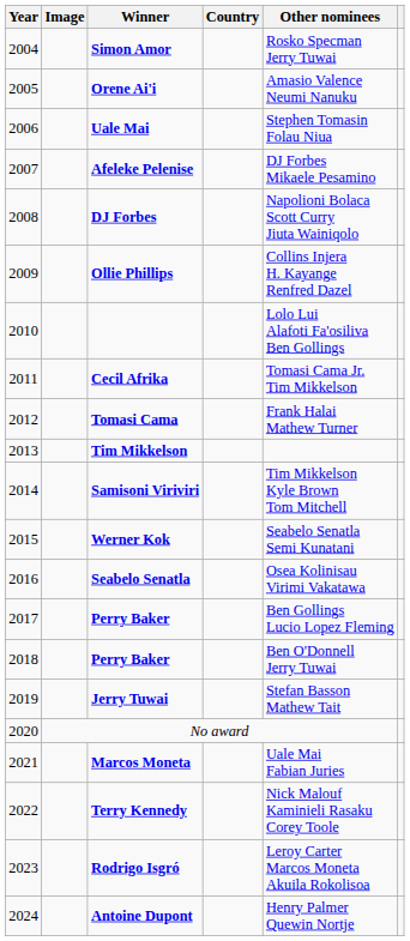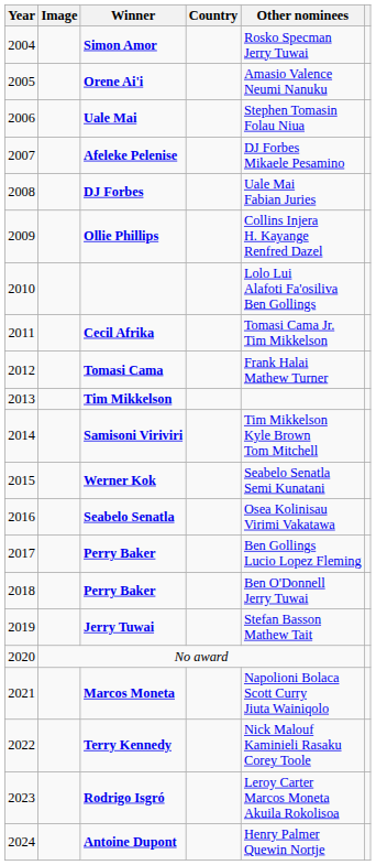 <table class="sortable wikitable plainrowheaders" style="text-align:center">
 <tr>
 <th scope=col>Year</th>
 <th>Image</th>
 <th scope="col">Winner</th>
 <th scope=col>Country</th>
 <th scope=col>Other nominees</th>
 <th scope=col></th>
 </tr>
 <tr>
 <td>2004</td>
 <td></td>
 <td align="left"><strong><a href='#'>Simon Amor</a></strong></td>
 <td align="left"></td>
 <td align="left"> <a href='#'>Rosko Specman</a><br> <a href='#'>Jerry Tuwai</a></td>
 <td></td>
 </tr>
 <tr>
 <td>2005</td>
 <td></td>
 <td align="left"><strong><a href='#'>Orene Ai'i</a></strong></td>
 <td align="left"></td>
 <td align="left"> <a href='#'>Amasio Valence</a><br> <a href='#'>Neumi Nanuku</a></td>
 <td></td>
 </tr>
 <tr>
 <td>2006</td>
 <td></td>
 <td align="left"><strong><a href='#'>Uale Mai</a></strong></td>
 <td align="left"></td>
 <td align="left"> <a href='#'>Stephen Tomasin</a><br> <a href='#'>Folau Niua</a></td>
 <td></td>
 </tr>
 <tr>
 <td>2007</td>
 <td></td>
 <td align="left"><strong><a href='#'>Afeleke Pelenise</a></strong></td>
 <td align="left"></td>
 <td align="left"> <a href='#'>DJ Forbes</a><br> <a href='#'>Mikaele Pesamino</a></td>
 <td></td>
 </tr>
 <tr>
 <td>2008</td>
 <td></td>
 <td align="left"><strong><a href='#'>DJ Forbes</a></strong></td>
 <td align="left"></td>
-<td align="left"> <a href='#'>Napolioni Bolaca</a><br> <a href='#'>Scott Curry</a><br> <a href='#'>Jiuta Wainiqolo</a></td>
+<td align="left"> <a href='#'>Uale Mai</a><br> <a href='#'>Fabian Juries</a></td>
 <td></td>
 </tr>
 <tr>
 <td>2009</td>
 <td></td>
 <td align="left"><strong><a href='#'>Ollie Phillips</a></strong></td>
 <td align="left"></td>
 <td align="left"> <a href='#'>Collins Injera</a><br> <a href='#'>H. Kayange</a><br> <a href='#'>Renfred Dazel</a></td>
 <td></td>
 </tr>
 <tr>
 <td>2010</td>
 <td></td>
 <td align="left"><strong></strong></td>
 <td align="left"></td>
 <td align="left"> <a href='#'>Lolo Lui</a><br> <a href='#'>Alafoti Fa'osiliva</a><br> <a href='#'>Ben Gollings</a></td>
 <td></td>
 </tr>
 <tr>
 <td>2011</td>
 <td></td>
 <td align="left"><strong><a href='#'>Cecil Afrika</a></strong></td>
 <td align="left"></td>
 <td align="left"> <a href='#'>Tomasi Cama Jr.</a><br> <a href='#'>Tim Mikkelson</a></td>
 <td></td>
 </tr>
 <tr>
 <td>2012</td>
 <td></td>
 <td align="left"><strong><a href='#'>Tomasi Cama</a></strong></td>
 <td align="left"></td>
 <td align="left"> <a href='#'>Frank Halai</a><br> <a href='#'>Mathew Turner</a></td>
 <td></td>
 </tr>
 <tr>
 <td>2013</td>
 <td></td>
 <td align="left"><strong><a href='#'>Tim Mikkelson</a></strong></td>
 <td align="left"></td>
 <td></td>
 <td></td>
 </tr>
 <tr>
 <td>2014</td>
 <td></td>
 <td align="left"><strong><a href='#'>Samisoni Viriviri</a></strong></td>
 <td align="left"></td>
 <td align="left"> <a href='#'>Tim Mikkelson</a><br> <a href='#'>Kyle Brown</a><br> <a href='#'>Tom Mitchell</a></td>
 <td></td>
 </tr>
 <tr>
 <td>2015</td>
 <td></td>
 <td align="left"><strong><a href='#'>Werner Kok</a></strong></td>
 <td align="left"></td>
 <td align="left"> <a href='#'>Seabelo Senatla</a><br> <a href='#'>Semi Kunatani</a></td>
 <td></td>
 </tr>
 <tr>
 <td>2016</td>
 <td></td>
 <td align="left"><strong><a href='#'>Seabelo Senatla</a> </strong></td>
 <td align="left"></td>
 <td align="left"> <a href='#'>Osea Kolinisau</a><br> <a href='#'>Virimi Vakatawa</a></td>
 <td></td>
 </tr>
 <tr>
 <td>2017</td>
 <td></td>
 <td align="left"><strong><a href='#'>Perry Baker</a></strong></td>
 <td align="left"></td>
 <td align="left"> <a href='#'>Ben Gollings</a><br> <a href='#'>Lucio Lopez Fleming</a></td>
 <td></td>
 </tr>
 <tr>
 <td>2018</td>
 <td></td>
 <td align="left"><strong><a href='#'>Perry Baker</a></strong></td>
 <td align="left"></td>
 <td align="left"> <a href='#'>Ben O'Donnell</a><br> <a href='#'>Jerry Tuwai</a></td>
 <td></td>
 </tr>
 <tr>
 <td>2019</td>
 <td></td>
 <td align="left"><strong><a href='#'>Jerry Tuwai</a></strong></td>
 <td align="left"></td>
 <td align="left"> <a href='#'>Stefan Basson</a><br> <a href='#'>Mathew Tait</a></td>
 <td></td>
 </tr>
 <tr>
 <td>2020</td>
 <td colspan="4"><em>No award</em></td>
 <td></td>
 </tr>
 <tr>
 <td>2021</td>
 <td></td>
 <td align="left"><strong><a href='#'>Marcos Moneta</a></strong></td>
 <td align="left"></td>
-<td align="left"> <a href='#'>Uale Mai</a><br> <a href='#'>Fabian Juries</a></td>
+<td align="left"> <a href='#'>Napolioni Bolaca</a><br> <a href='#'>Scott Curry</a><br> <a href='#'>Jiuta Wainiqolo</a></td>
 <td></td>
 </tr>
 <tr>
 <td>2022</td>
 <td></td>
 <td align="left"><strong><a href='#'>Terry Kennedy</a></strong></td>
 <td align="left"></td>
 <td align="left"> <a href='#'>Nick Malouf</a><br> <a href='#'>Kaminieli Rasaku</a><br> <a href='#'>Corey Toole</a></td>
 <td></td>
 </tr>
 <tr>
 <td>2023</td>
 <td></td>
 <td align="left"><strong><a href='#'>Rodrigo Isgró</a></strong></td>
 <td align="left"></td>
 <td align="left"> <a href='#'>Leroy Carter</a><br> <a href='#'>Marcos Moneta</a><br> <a href='#'>Akuila Rokolisoa</a></td>
 <td></td>
 </tr>
 <tr>
 <td>2024</td>
 <td></td>
 <td align="left"><strong><a href='#'>Antoine Dupont</a></strong></td>
 <td align="left"></td>
 <td align="left"> <a href='#'>Henry Palmer</a><br> <a href='#'>Quewin Nortje</a></td>
 <td></td>
 </tr>
 </table>
